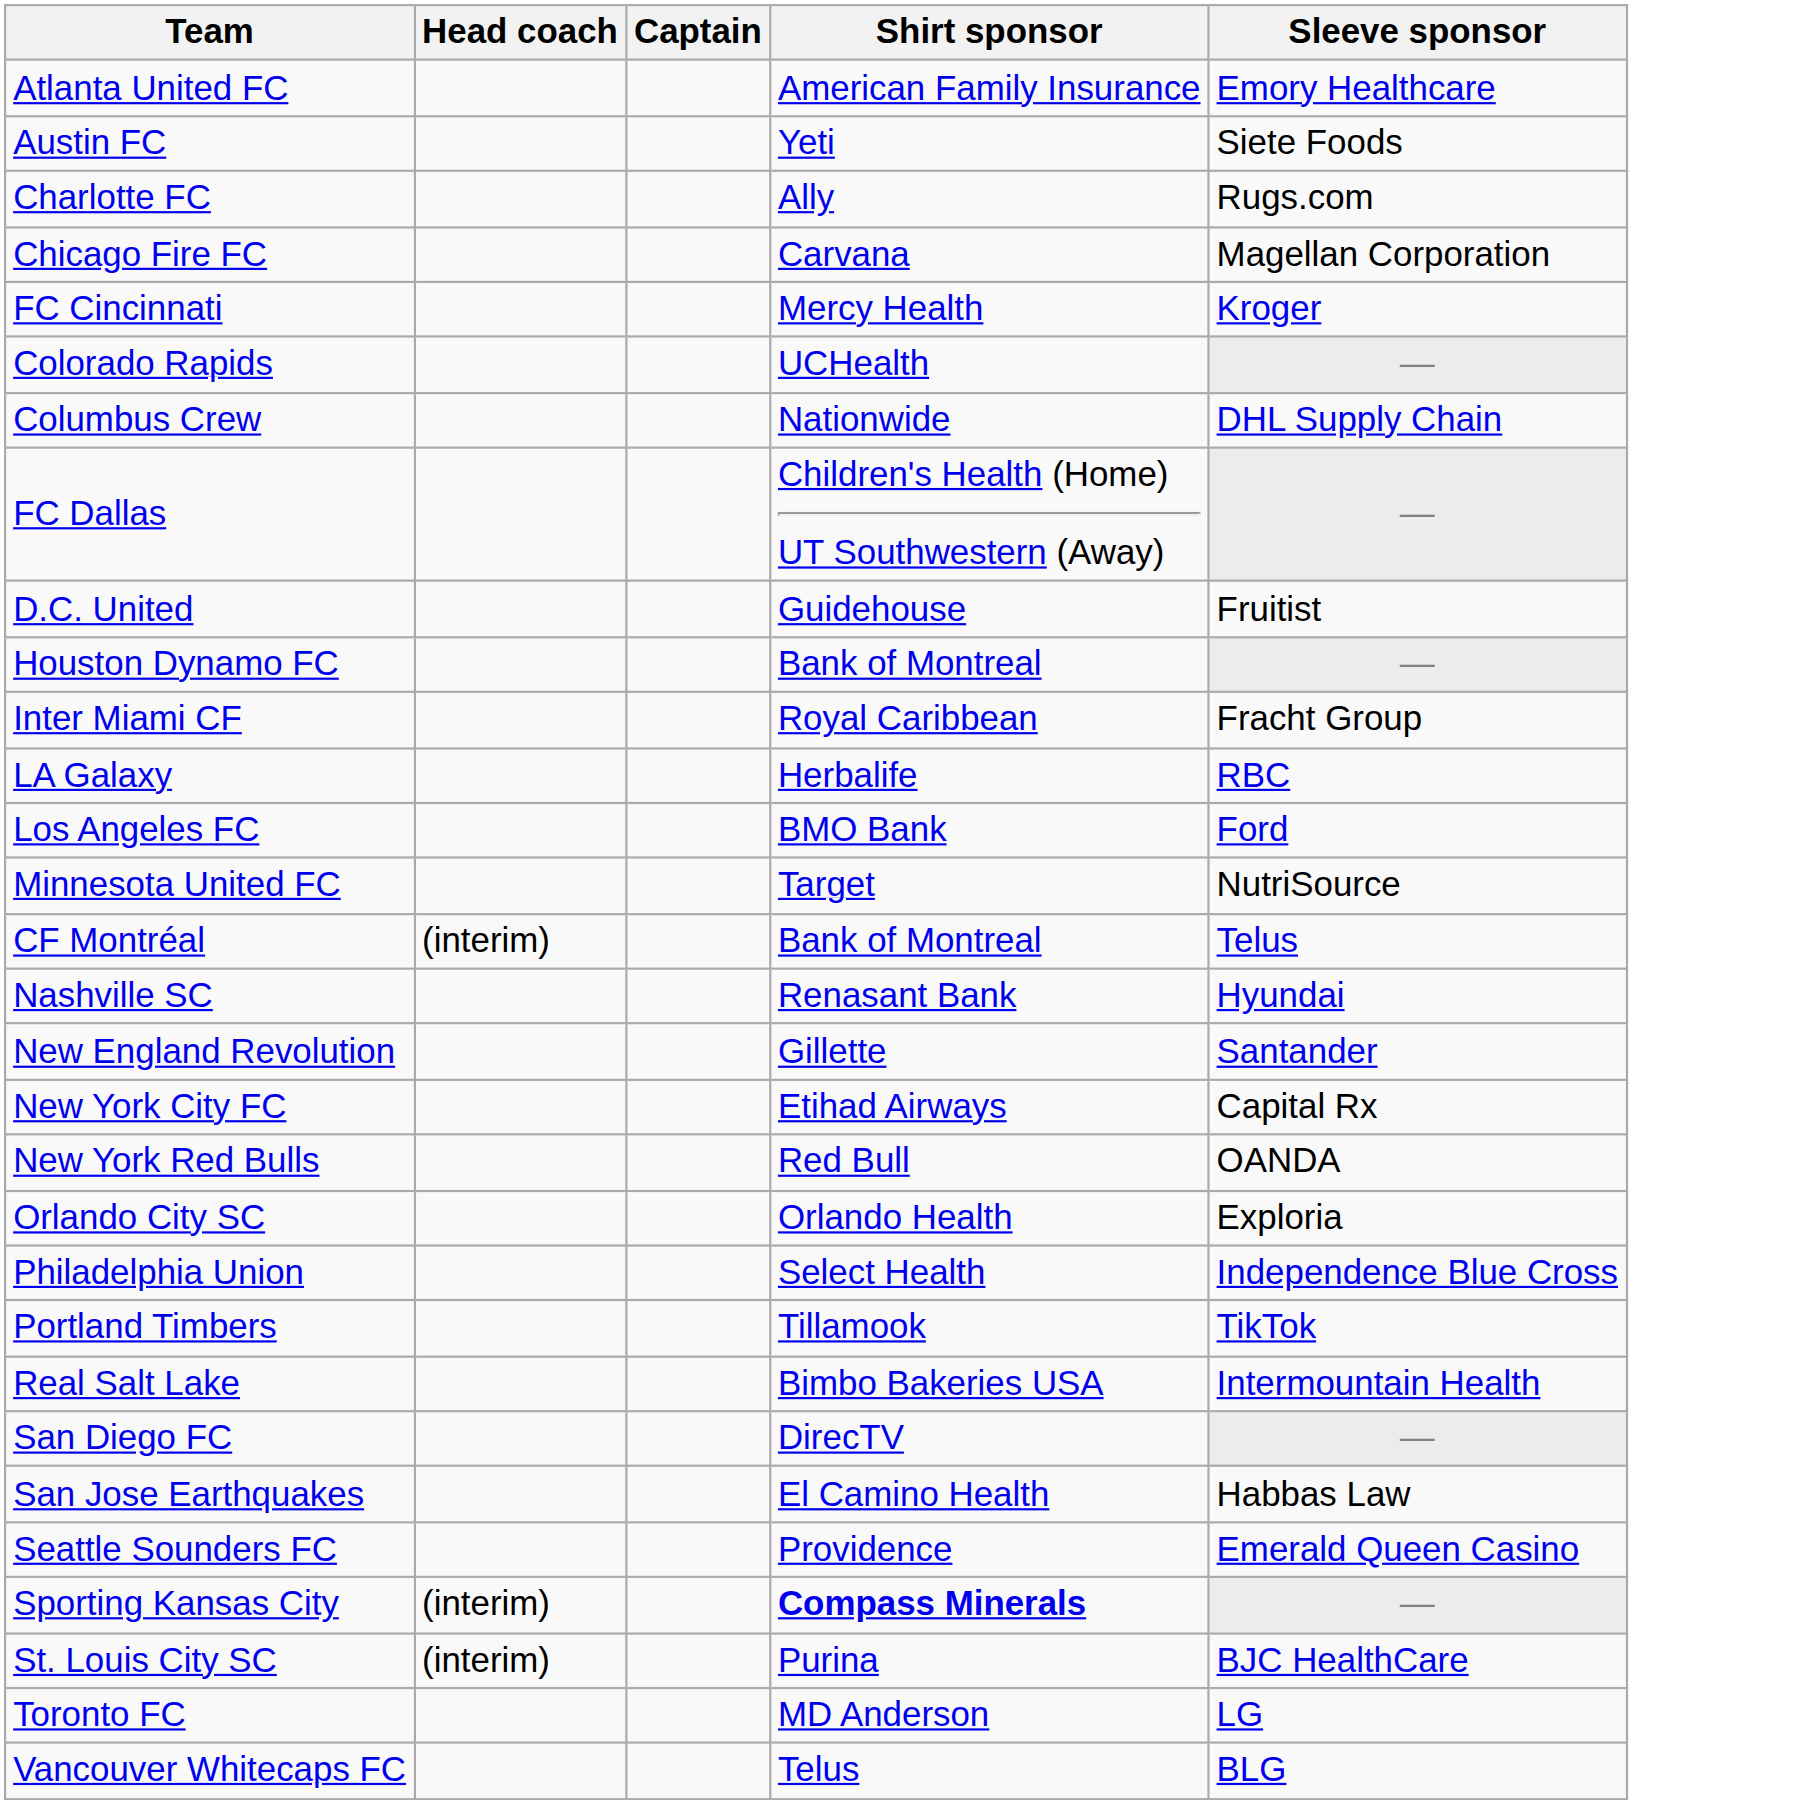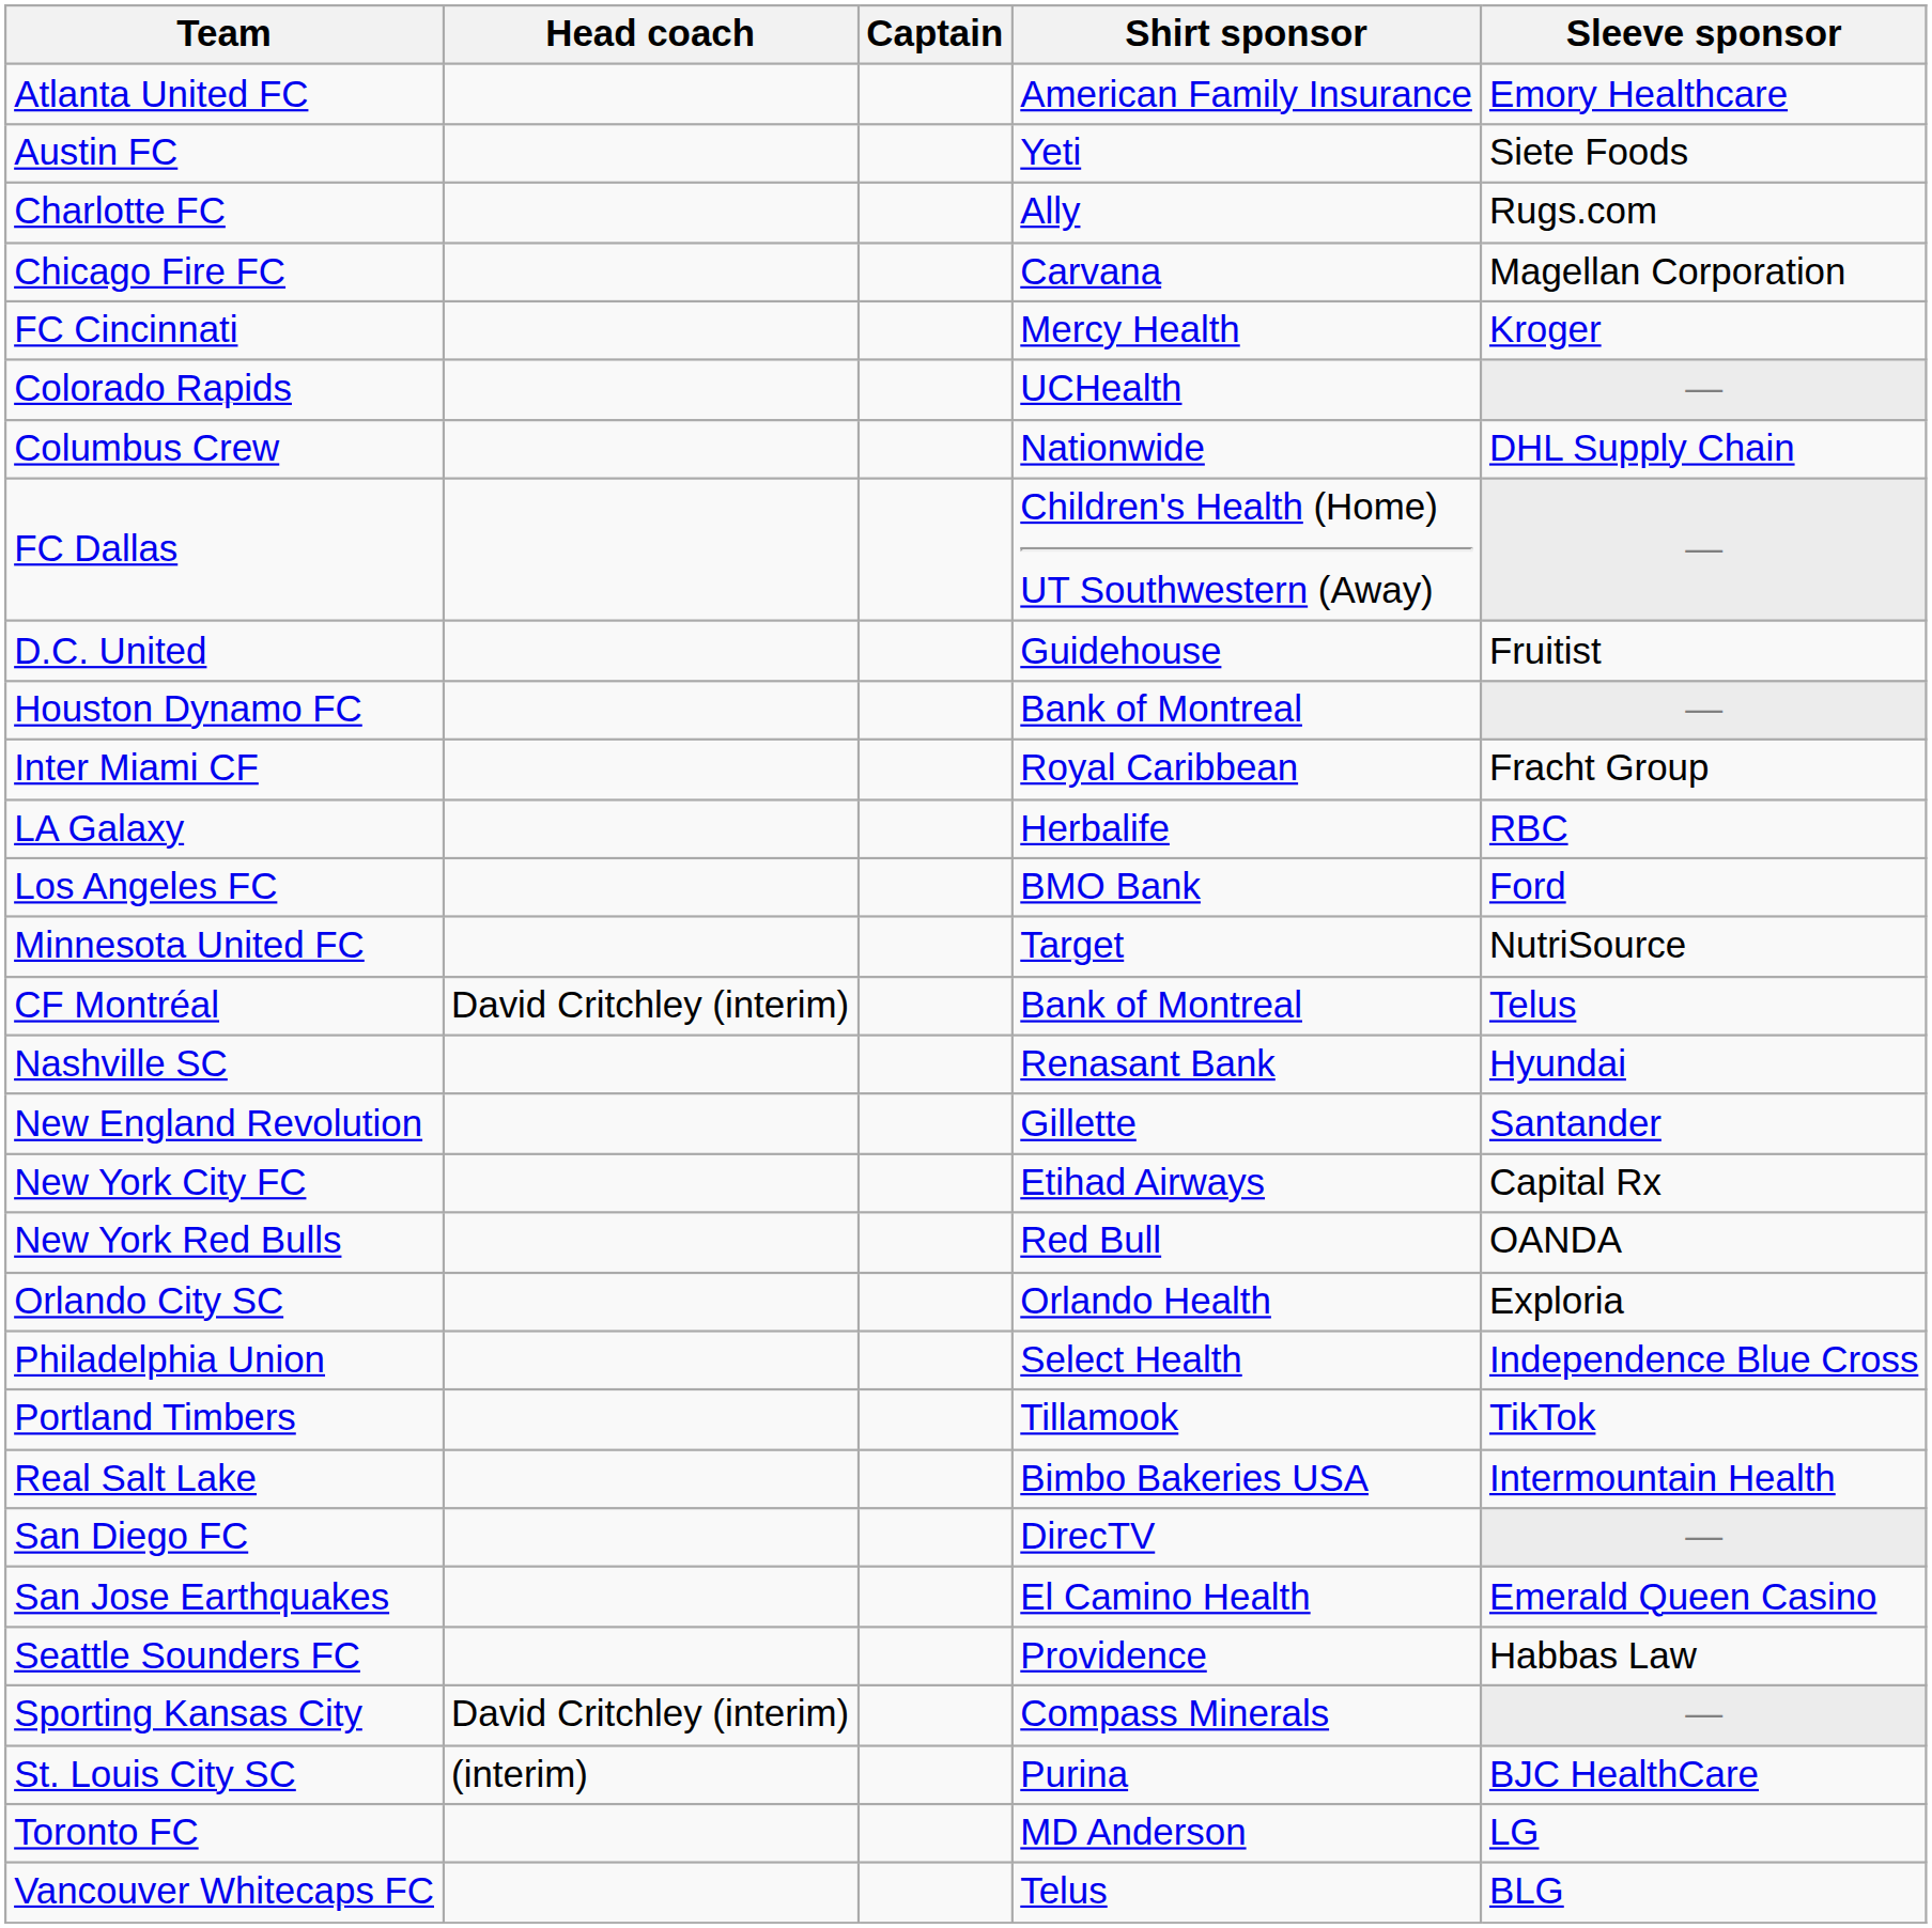 <table class="wikitable sortable" style="text-align: left;">
 <tr>
 <th>Team</th>
 <th>Head coach</th>
 <th>Captain</th>
 <th>Shirt sponsor</th>
 <th>Sleeve sponsor</th>
 </tr>
 <tr>
 <td><a href='#'>Atlanta United FC</a></td>
 <td> </td>
 <td> </td>
 <td><a href='#'>American Family Insurance</a></td>
 <td><a href='#'>Emory Healthcare</a></td>
 </tr>
 <tr>
 <td><a href='#'>Austin FC</a></td>
 <td> </td>
 <td> </td>
 <td><a href='#'>Yeti</a></td>
 <td>Siete Foods</td>
 </tr>
 <tr>
 <td><a href='#'>Charlotte FC</a></td>
 <td> </td>
 <td> </td>
 <td><a href='#'>Ally</a></td>
 <td>Rugs.com</td>
 </tr>
 <tr>
 <td><a href='#'>Chicago Fire FC</a></td>
 <td> </td>
 <td> </td>
 <td><a href='#'>Carvana</a></td>
 <td>Magellan Corporation</td>
 </tr>
 <tr>
 <td><a href='#'>FC Cincinnati</a></td>
 <td> </td>
 <td> </td>
 <td><a href='#'>Mercy Health</a></td>
 <td><a href='#'>Kroger</a></td>
 </tr>
 <tr>
 <td><a href='#'>Colorado Rapids</a></td>
 <td> </td>
 <td> </td>
 <td><a href='#'>UCHealth</a></td>
 <td align="center" colspan="1" style="background:#ececec; color:gray">—</td>
 </tr>
 <tr>
 <td><a href='#'>Columbus Crew</a></td>
 <td> </td>
 <td> </td>
 <td><a href='#'>Nationwide</a></td>
 <td><a href='#'>DHL Supply Chain</a></td>
 </tr>
 <tr>
 <td><a href='#'>FC Dallas</a></td>
 <td> </td>
 <td> </td>
 <td><a href='#'>Children's Health</a> (Home) <hr> <a href='#'>UT Southwestern</a> (Away)</td>
 <td align="center" colspan="1" style="background:#ececec; color:gray">—</td>
 </tr>
 <tr>
 <td><a href='#'>D.C. United</a></td>
 <td> </td>
 <td> </td>
 <td><a href='#'>Guidehouse</a></td>
 <td>Fruitist</td>
 </tr>
 <tr>
 <td><a href='#'>Houston Dynamo FC</a></td>
 <td> </td>
 <td> </td>
 <td><a href='#'>Bank of Montreal</a></td>
 <td align="center" colspan="1" style="background:#ececec; color:gray">—</td>
 </tr>
 <tr>
 <td><a href='#'>Inter Miami CF</a></td>
 <td> </td>
 <td> </td>
 <td><a href='#'>Royal Caribbean</a></td>
 <td>Fracht Group</td>
 </tr>
 <tr>
 <td><a href='#'>LA Galaxy</a></td>
 <td> </td>
 <td> </td>
 <td><a href='#'>Herbalife</a></td>
 <td><a href='#'>RBC</a></td>
 </tr>
 <tr>
 <td><a href='#'>Los Angeles FC</a></td>
 <td> </td>
 <td> </td>
 <td><a href='#'>BMO Bank</a></td>
 <td><a href='#'>Ford</a></td>
 </tr>
 <tr>
 <td><a href='#'>Minnesota United FC</a></td>
 <td> </td>
 <td> </td>
 <td><a href='#'>Target</a></td>
 <td>NutriSource</td>
 </tr>
 <tr>
 <td><a href='#'>CF Montréal</a></td>
-<td>  (interim)</td>
+<td> David Critchley (interim)</td>
 <td> </td>
 <td><a href='#'>Bank of Montreal</a></td>
 <td><a href='#'>Telus</a></td>
 </tr>
 <tr>
 <td><a href='#'>Nashville SC</a></td>
 <td> </td>
 <td> </td>
 <td><a href='#'>Renasant Bank</a></td>
 <td><a href='#'>Hyundai</a></td>
 </tr>
 <tr>
 <td><a href='#'>New England Revolution</a></td>
 <td> </td>
 <td> </td>
 <td><a href='#'>Gillette</a></td>
 <td><a href='#'>Santander</a></td>
 </tr>
 <tr>
 <td><a href='#'>New York City FC</a></td>
 <td> </td>
 <td> </td>
 <td><a href='#'>Etihad Airways</a></td>
 <td>Capital Rx</td>
 </tr>
 <tr>
 <td><a href='#'>New York Red Bulls</a></td>
 <td> </td>
 <td> </td>
 <td><a href='#'>Red Bull</a></td>
 <td>OANDA</td>
 </tr>
 <tr>
 <td><a href='#'>Orlando City SC</a></td>
 <td> </td>
 <td> </td>
 <td><a href='#'>Orlando Health</a></td>
 <td>Exploria</td>
 </tr>
 <tr>
 <td><a href='#'>Philadelphia Union</a></td>
 <td> </td>
 <td> </td>
 <td><a href='#'>Select Health</a></td>
 <td><a href='#'>Independence Blue Cross</a></td>
 </tr>
 <tr>
 <td><a href='#'>Portland Timbers</a></td>
 <td> </td>
 <td> </td>
 <td><a href='#'>Tillamook</a></td>
 <td><a href='#'>TikTok</a></td>
 </tr>
 <tr>
 <td><a href='#'>Real Salt Lake</a></td>
 <td> </td>
 <td> </td>
 <td><a href='#'>Bimbo Bakeries USA</a></td>
 <td><a href='#'>Intermountain Health</a></td>
 </tr>
 <tr>
 <td><a href='#'>San Diego FC</a></td>
 <td> </td>
 <td> </td>
 <td><a href='#'>DirecTV</a></td>
 <td align="center" colspan="1" style="background:#ececec; color:gray">—</td>
 </tr>
 <tr>
 <td><a href='#'>San Jose Earthquakes</a></td>
 <td> </td>
 <td> </td>
 <td><a href='#'>El Camino Health</a></td>
-<td>Habbas Law</td>
+<td><a href='#'>Emerald Queen Casino</a></td>
 </tr>
 <tr>
 <td><a href='#'>Seattle Sounders FC</a></td>
 <td> </td>
 <td> </td>
 <td><a href='#'>Providence</a></td>
-<td><a href='#'>Emerald Queen Casino</a></td>
+<td>Habbas Law</td>
 </tr>
 <tr>
 <td><a href='#'>Sporting Kansas City</a></td>
-<td>  (interim)</td>
+<td> David Critchley (interim)</td>
 <td> </td>
-<td><strong><a href='#'>Compass Minerals</a></strong></td>
+<td><a href='#'>Compass Minerals</a></td>
 <td align="center" colspan="1" style="background:#ececec; color:gray">—</td>
 </tr>
 <tr>
 <td><a href='#'>St. Louis City SC</a></td>
 <td>  (interim)</td>
 <td> </td>
 <td><a href='#'>Purina</a></td>
 <td><a href='#'>BJC HealthCare</a></td>
 </tr>
 <tr>
 <td><a href='#'>Toronto FC</a></td>
 <td> </td>
 <td> </td>
 <td><a href='#'>MD Anderson</a></td>
 <td><a href='#'>LG</a></td>
 </tr>
 <tr>
 <td><a href='#'>Vancouver Whitecaps FC</a></td>
 <td> </td>
 <td> </td>
 <td><a href='#'>Telus</a></td>
 <td><a href='#'>BLG</a></td>
 </tr>
 </table>
